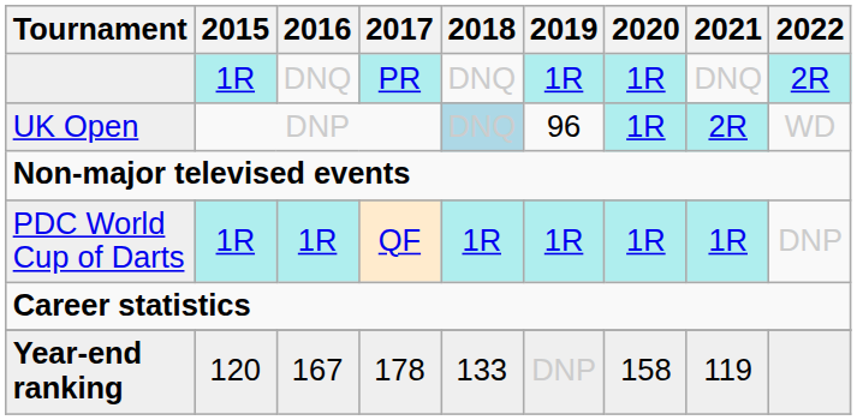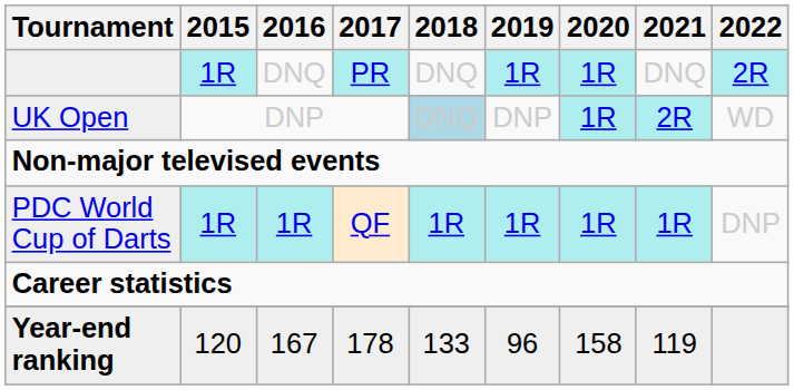 <table class="wikitable" style="width:30%; margin:0">
 <tr>
 <th>Tournament</th>
 <th>2015</th>
 <th>2016</th>
 <th>2017</th>
 <th>2018</th>
 <th>2019</th>
 <th>2020</th>
 <th>2021</th>
 <th>2022</th>
 </tr>
 <tr>
 <td style="background:#efefef;"></td>
 <td style="text-align:center; background:#afeeee;"><a href='#'>1R</a></td>
 <td style="text-align:center; color:#ccc;">DNQ</td>
 <td style="text-align:center; background:#afeeee;"><a href='#'>PR</a></td>
 <td style="text-align:center; color:#ccc;">DNQ</td>
 <td style="text-align:center; background:#afeeee;"><a href='#'>1R</a></td>
 <td style="text-align:center; background:#afeeee;"><a href='#'>1R</a></td>
 <td style="text-align:center; color:#ccc;">DNQ</td>
 <td style="text-align:center; background:#afeeee;"><a href='#'>2R</a></td>
 </tr>
 <tr>
 <td style="background:#efefef;"><a href='#'>UK Open</a></td>
 <td colspan="3" style="text-align:center; color:#ccc;">DNP</td>
 <td style="background: lightblue; text-align:center; color:#ccc;">DNQ</td>
-<td style="text-align:center;">96</td>
+<td style="text-align:center; color:#ccc;">DNP</td>
 <td style="text-align:center; background:#afeeee;"><a href='#'>1R</a></td>
 <td style="text-align:center; background:#afeeee;"><a href='#'>2R</a></td>
 <td colspan="3" style="text-align:center; color:#ccc;">WD</td>
 </tr>
 <tr>
 <td colspan="21" align="left"><strong>Non-major televised events</strong></td>
 </tr>
 <tr>
 <td style="background:#efefef;"><a href='#'>PDC World Cup of Darts</a></td>
 <td style="text-align:center; background:#afeeee;"><a href='#'>1R</a></td>
 <td style="text-align:center; background:#afeeee;"><a href='#'>1R</a></td>
 <td style="text-align:center; background:#ffebcd;"><a href='#'>QF</a></td>
 <td style="text-align:center; background:#afeeee;"><a href='#'>1R</a></td>
 <td style="text-align:center; background:#afeeee;"><a href='#'>1R</a></td>
 <td style="text-align:center; background:#afeeee;"><a href='#'>1R</a></td>
 <td style="text-align:center; background:#afeeee;"><a href='#'>1R</a></td>
 <td style="text-align:center; color:#ccc;">DNP</td>
 </tr>
 <tr>
 <td colspan="13" align="left"><strong>Career statistics</strong></td>
 </tr>
 <tr>
 </tr>
 <tr bgcolor="efefef">
 <td align="left"><strong>Year-end ranking</strong></td>
 <td style="text-align:center;">120</td>
 <td style="text-align:center;">167</td>
 <td style="text-align:center;">178</td>
 <td style="text-align:center;">133</td>
-<td style="text-align:center; color:#ccc;">DNP</td>
+<td style="text-align:center;">96</td>
 <td style="text-align:center;">158</td>
 <td style="text-align:center;">119</td>
 <td style="text-align:center;"></td>
 </tr>
 </table>
